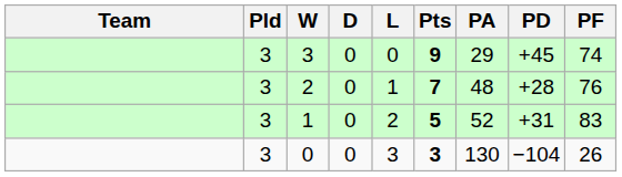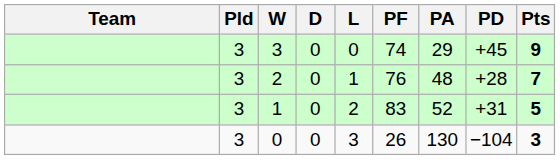 <table class="wikitable" style="text-align:center;">
 <tr>
 <th width=175>Team</th>
 <th width=25 abbr="Played">Pld</th>
 <th width=25 abbr="Won">W</th>
 <th width=25 abbr="Drawn">D</th>
 <th width=25 abbr="Lost">L</th>
-<th width=25 abbr="Points">Pts</th>
+<th width=32 abbr="Points for">PF</th>
 <th width=32 abbr="Points against">PA</th>
 <th width=32 abbr="Points difference">PD</th>
-<th width=32 abbr="Points for">PF</th>
+<th width=25 abbr="Points">Pts</th>
 </tr>
 <tr bgcolor=ccffcc>
 <td align=left></td>
 <td>3</td>
 <td>3</td>
 <td>0</td>
 <td>0</td>
-<td><strong>9</strong></td>
+<td>74</td>
 <td>29</td>
 <td>+45</td>
-<td>74</td>
+<td><strong>9</strong></td>
 </tr>
 <tr bgcolor=ccffcc>
 <td align=left></td>
 <td>3</td>
 <td>2</td>
 <td>0</td>
 <td>1</td>
-<td><strong>7</strong></td>
+<td>76</td>
 <td>48</td>
 <td>+28</td>
-<td>76</td>
+<td><strong>7</strong></td>
 </tr>
 <tr bgcolor=ccffcc>
 <td align=left></td>
 <td>3</td>
 <td>1</td>
 <td>0</td>
 <td>2</td>
-<td><strong>5</strong></td>
+<td>83</td>
 <td>52</td>
 <td>+31</td>
-<td>83</td>
+<td><strong>5</strong></td>
 </tr>
 <tr>
 <td align=left></td>
 <td>3</td>
 <td>0</td>
 <td>0</td>
 <td>3</td>
-<td><strong>3</strong></td>
+<td>26</td>
 <td>130</td>
 <td>−104</td>
-<td>26</td>
+<td><strong>3</strong></td>
 </tr>
 </table>
